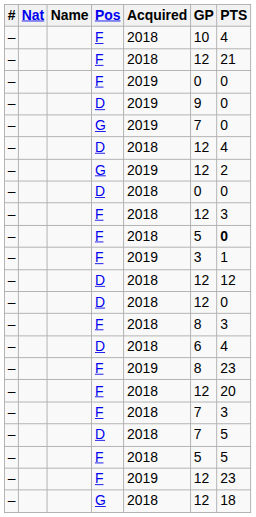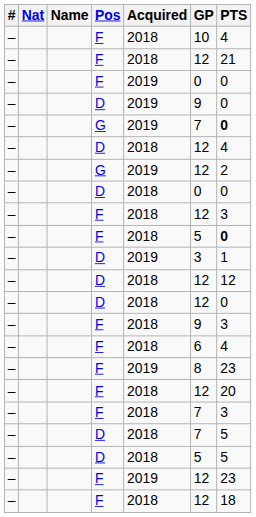 <table class="wikitable sortable">
 <tr>
 <th>#</th>
 <th><a href='#'>Nat</a></th>
 <th>Name</th>
 <th><a href='#'>Pos</a></th>
 <th>Acquired</th>
 <th>GP</th>
 <th>PTS</th>
 </tr>
 <tr>
 <td>–</td>
 <td></td>
 <td align="left"></td>
 <td><a href='#'>F</a></td>
 <td>2018</td>
 <td>10</td>
 <td>4</td>
 </tr>
 <tr>
 <td>–</td>
 <td></td>
 <td align="left"></td>
 <td><a href='#'>F</a></td>
 <td>2018</td>
 <td>12</td>
 <td>21</td>
 </tr>
 <tr>
 <td>–</td>
 <td></td>
 <td align="left"></td>
 <td><a href='#'>F</a></td>
 <td>2019</td>
 <td>0</td>
 <td>0</td>
 </tr>
 <tr>
 <td>–</td>
 <td></td>
 <td align="left"></td>
 <td><a href='#'>D</a></td>
 <td>2019</td>
 <td>9</td>
 <td>0</td>
 </tr>
 <tr>
 <td>–</td>
 <td></td>
 <td align="left"></td>
 <td><a href='#'>G</a></td>
 <td>2019</td>
 <td>7</td>
-<td>0</td>
+<td><strong>0</strong></td>
 </tr>
 <tr>
 <td>–</td>
 <td></td>
 <td align="left"></td>
 <td><a href='#'>D</a></td>
 <td>2018</td>
 <td>12</td>
 <td>4</td>
 </tr>
 <tr>
 <td>–</td>
 <td></td>
 <td align="left"></td>
 <td><a href='#'>G</a></td>
 <td>2019</td>
 <td>12</td>
 <td>2</td>
 </tr>
 <tr>
 <td>–</td>
 <td></td>
 <td align="left"></td>
 <td><a href='#'>D</a></td>
 <td>2018</td>
 <td>0</td>
 <td>0</td>
 </tr>
 <tr>
 <td>–</td>
 <td></td>
 <td align="left"></td>
 <td><a href='#'>F</a></td>
 <td>2018</td>
 <td>12</td>
 <td>3</td>
 </tr>
 <tr>
 <td>–</td>
 <td></td>
 <td align="left"></td>
 <td><a href='#'>F</a></td>
 <td>2018</td>
 <td>5</td>
 <td><strong>0</strong></td>
 </tr>
 <tr>
 <td>–</td>
 <td></td>
 <td align="left"></td>
-<td><a href='#'>F</a></td>
+<td><a href='#'>D</a></td>
 <td>2019</td>
 <td>3</td>
 <td>1</td>
 </tr>
 <tr>
 <td>–</td>
 <td></td>
 <td align="left"></td>
 <td><a href='#'>D</a></td>
 <td>2018</td>
 <td>12</td>
 <td>12</td>
 </tr>
 <tr>
 <td>–</td>
 <td></td>
 <td align="left"></td>
 <td><a href='#'>D</a></td>
 <td>2018</td>
 <td>12</td>
 <td>0</td>
 </tr>
 <tr>
 <td>–</td>
 <td></td>
 <td align="left"></td>
 <td><a href='#'>F</a></td>
 <td>2018</td>
-<td>8</td>
+<td>9</td>
 <td>3</td>
 </tr>
 <tr>
 <td>–</td>
 <td></td>
 <td align="left"></td>
-<td><a href='#'>D</a></td>
+<td><a href='#'>F</a></td>
 <td>2018</td>
 <td>6</td>
 <td>4</td>
 </tr>
 <tr>
 <td>–</td>
 <td></td>
 <td align="left"></td>
 <td><a href='#'>F</a></td>
 <td>2019</td>
 <td>8</td>
 <td>23</td>
 </tr>
 <tr>
 <td>–</td>
 <td></td>
 <td align="left"></td>
 <td><a href='#'>F</a></td>
 <td>2018</td>
 <td>12</td>
 <td>20</td>
 </tr>
 <tr>
 <td>–</td>
 <td></td>
 <td align="left"></td>
 <td><a href='#'>F</a></td>
 <td>2018</td>
 <td>7</td>
 <td>3</td>
 </tr>
 <tr>
 <td>–</td>
 <td></td>
 <td align="left"></td>
 <td><a href='#'>D</a></td>
 <td>2018</td>
 <td>7</td>
 <td>5</td>
 </tr>
 <tr>
 <td>–</td>
 <td></td>
 <td align="left"></td>
-<td><a href='#'>F</a></td>
+<td><a href='#'>D</a></td>
 <td>2018</td>
 <td>5</td>
 <td>5</td>
 </tr>
 <tr>
 <td>–</td>
 <td></td>
 <td align="left"></td>
 <td><a href='#'>F</a></td>
 <td>2019</td>
 <td>12</td>
 <td>23</td>
 </tr>
 <tr>
 <td>–</td>
 <td></td>
 <td align="left"></td>
-<td><a href='#'>G</a></td>
+<td><a href='#'>F</a></td>
 <td>2018</td>
 <td>12</td>
 <td>18</td>
 </tr>
 </table>
